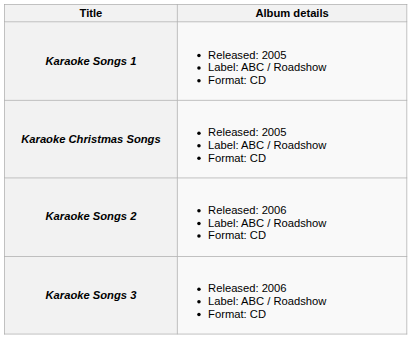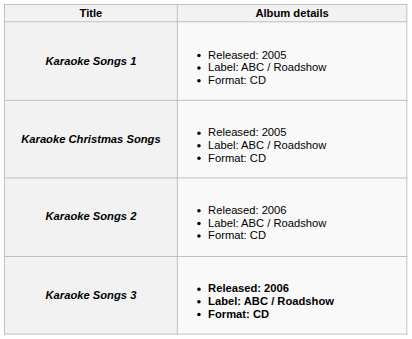 <table class="wikitable plainrowheaders">
 <tr>
 <th scope="col" style="width:15em;">Title</th>
 <th scope="col" style="width:20em;;">Album details</th>
 </tr>
 <tr>
 <th scope="row"><em>Karaoke Songs 1</em></th>
 <td><br><ul><li>Released: 2005</li><li>Label: ABC / Roadshow</li><li>Format: CD</li></ul></td>
 </tr>
 <tr>
 <th scope="row"><em>Karaoke Christmas Songs</em></th>
 <td><br><ul><li>Released: 2005</li><li>Label: ABC / Roadshow</li><li>Format: CD</li></ul></td>
 </tr>
 <tr>
 <th scope="row"><em>Karaoke Songs 2</em></th>
 <td><br><ul><li>Released: 2006</li><li>Label: ABC / Roadshow</li><li>Format: CD</li></ul></td>
 </tr>
 <tr>
 <th scope="row"><em>Karaoke Songs 3</em></th>
-<td><br><ul><li>Released: 2006</li><li>Label: ABC / Roadshow</li><li>Format: CD</li></ul></td>
+<td><strong><br><ul><li>Released: 2006</li><li>Label: ABC / Roadshow</li><li>Format: CD</li></ul></strong></td>
 </tr>
 </table>
